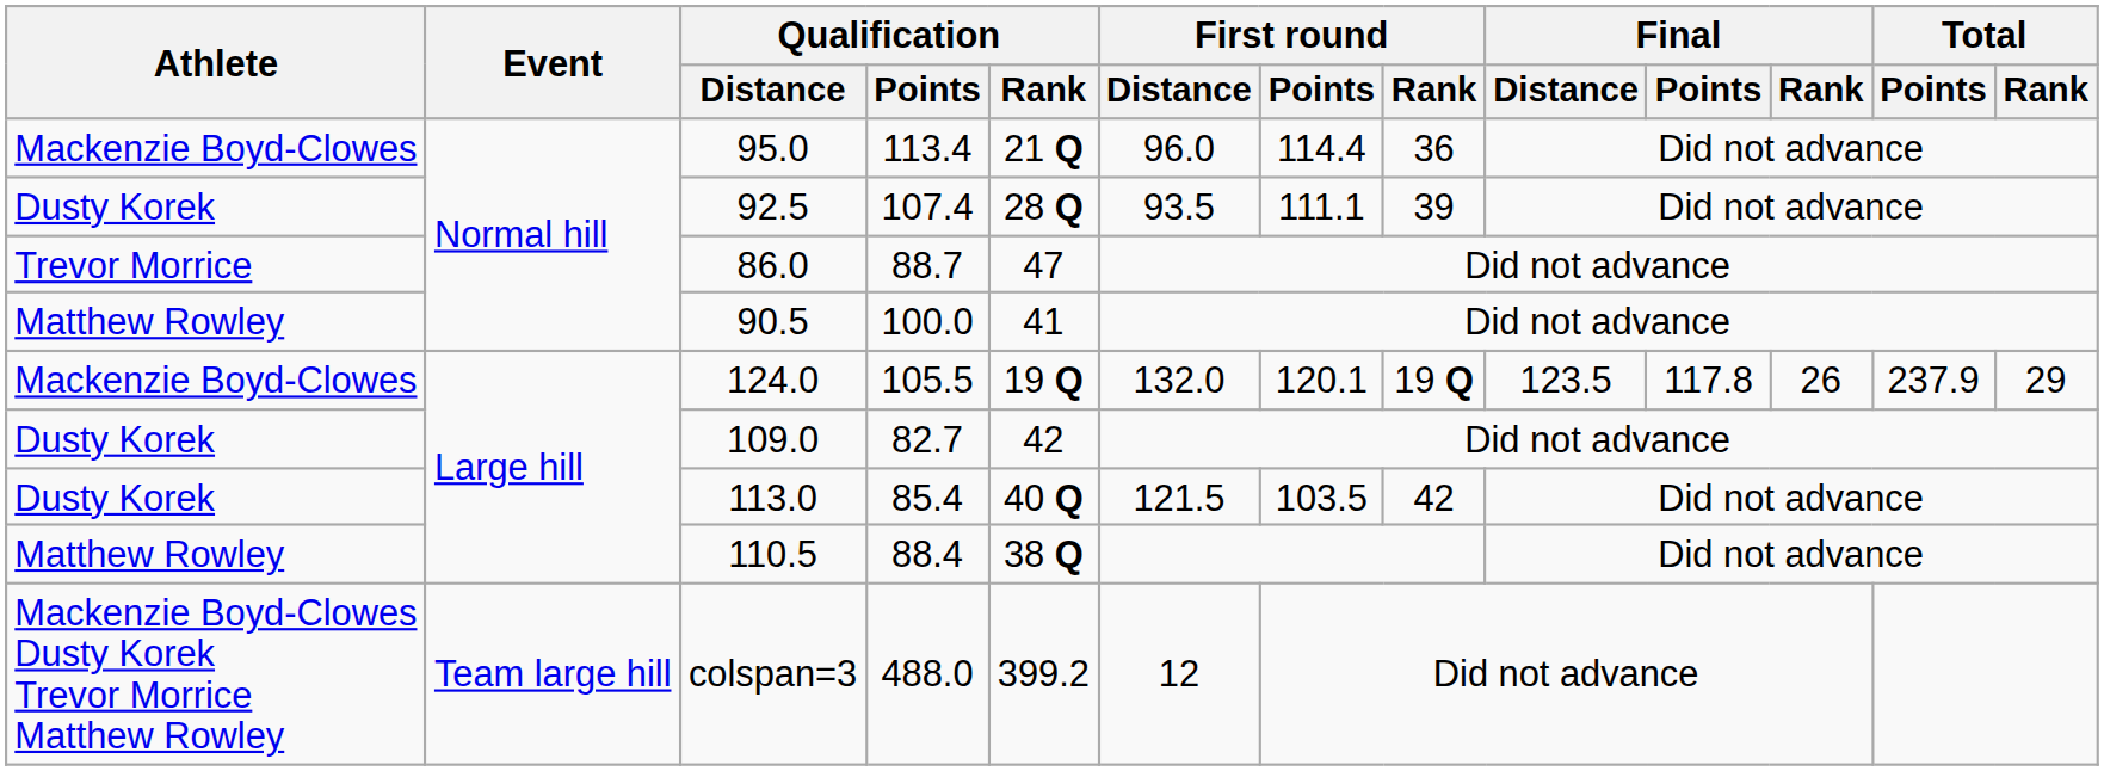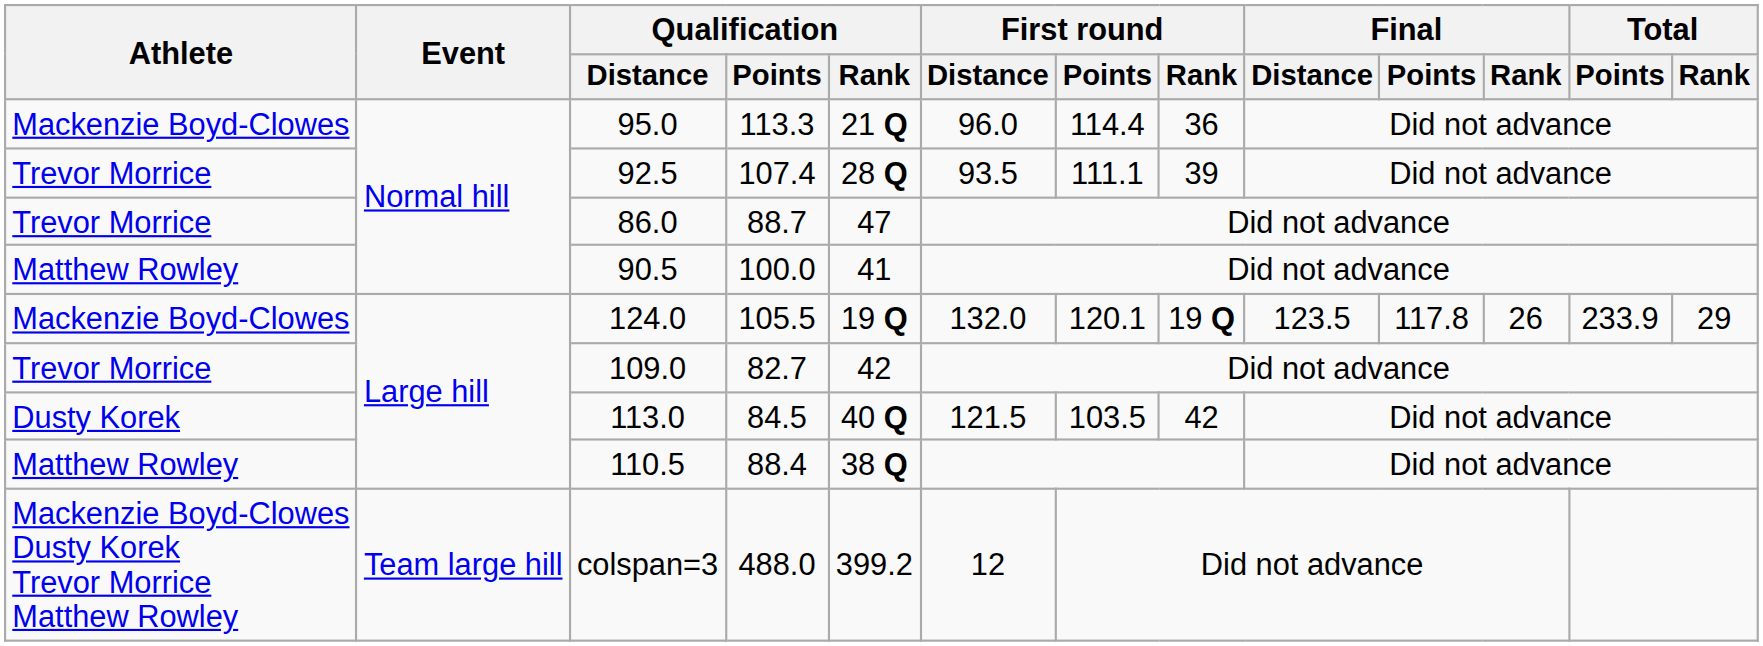 <table class="wikitable" style="font-size:90%">
 <tr>
 <th rowspan=2>Athlete</th>
 <th rowspan=2>Event</th>
 <th colspan=3>Qualification</th>
 <th colspan=3>First round</th>
 <th colspan=3>Final</th>
 <th colspan=2>Total</th>
 </tr>
 <tr style="font-size:95%">
 <th>Distance</th>
 <th>Points</th>
 <th>Rank</th>
 <th>Distance</th>
 <th>Points</th>
 <th>Rank</th>
 <th>Distance</th>
 <th>Points</th>
 <th>Rank</th>
 <th>Points</th>
 <th>Rank</th>
 </tr>
 <tr align=center>
 <td align=left><a href='#'>Mackenzie Boyd-Clowes</a></td>
 <td align=left rowspan="4"><a href='#'>Normal hill</a></td>
 <td>95.0</td>
-<td>113.4</td>
+<td>113.3</td>
 <td>21 <strong>Q</strong></td>
 <td>96.0</td>
 <td>114.4</td>
 <td>36</td>
 <td colspan=5>Did not advance</td>
 </tr>
 <tr align=center>
-<td align=left><a href='#'>Dusty Korek</a></td>
+<td align=left><a href='#'>Trevor Morrice</a></td>
 <td>92.5</td>
 <td>107.4</td>
 <td>28 <strong>Q</strong></td>
 <td>93.5</td>
 <td>111.1</td>
 <td>39</td>
 <td colspan=5>Did not advance</td>
 </tr>
 <tr align=center>
 <td align=left><a href='#'>Trevor Morrice</a></td>
 <td>86.0</td>
 <td>88.7</td>
 <td>47</td>
 <td colspan=8>Did not advance</td>
 </tr>
 <tr align=center>
 <td align=left><a href='#'>Matthew Rowley</a></td>
 <td>90.5</td>
 <td>100.0</td>
 <td>41</td>
 <td colspan=8>Did not advance</td>
 </tr>
 <tr align=center>
 <td align=left><a href='#'>Mackenzie Boyd-Clowes</a></td>
 <td align=left rowspan="4"><a href='#'>Large hill</a></td>
 <td>124.0</td>
 <td>105.5</td>
 <td>19 <strong>Q</strong></td>
 <td>132.0</td>
 <td>120.1</td>
 <td>19 <strong>Q</strong></td>
 <td>123.5</td>
 <td>117.8</td>
 <td>26</td>
-<td>237.9</td>
+<td>233.9</td>
 <td>29</td>
 </tr>
 <tr align=center>
-<td align=left><a href='#'>Dusty Korek</a></td>
+<td align=left><a href='#'>Trevor Morrice</a></td>
 <td>109.0</td>
 <td>82.7</td>
 <td>42</td>
 <td colspan=8>Did not advance</td>
 </tr>
 <tr align=center>
 <td align=left><a href='#'>Dusty Korek</a></td>
 <td>113.0</td>
-<td>85.4</td>
+<td>84.5</td>
 <td>40 <strong>Q</strong></td>
 <td>121.5</td>
 <td>103.5</td>
 <td>42</td>
 <td colspan=5>Did not advance</td>
 </tr>
 <tr align=center>
 <td align=left><a href='#'>Matthew Rowley</a></td>
 <td>110.5</td>
 <td>88.4</td>
 <td>38 <strong>Q</strong></td>
 <td colspan=3></td>
 <td colspan=5>Did not advance</td>
 </tr>
 <tr align=center>
 <td align=left><a href='#'>Mackenzie Boyd-Clowes</a><br><a href='#'>Dusty Korek</a><br><a href='#'>Trevor Morrice</a><br><a href='#'>Matthew Rowley</a></td>
 <td align=left><a href='#'>Team large hill</a></td>
 <td>colspan=3 </td>
 <td>488.0</td>
 <td>399.2</td>
 <td>12</td>
 <td colspan=5>Did not advance</td>
 </tr>
 </table>
